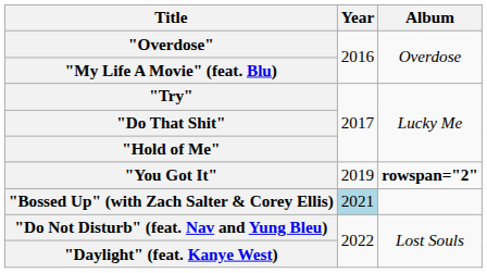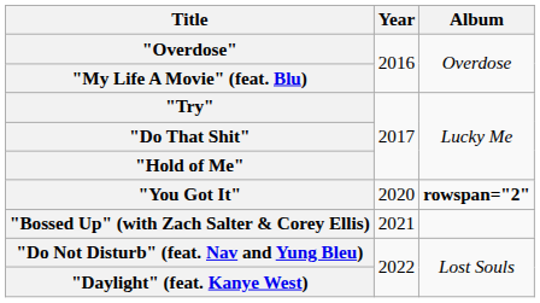 <table class="wikitable plainrowheaders" style="text-align:center;">
 <tr>
 <th scope="col">Title</th>
 <th scope="col">Year</th>
 <th scope="col">Album</th>
 </tr>
 <tr>
 <th scope="row">"Overdose"</th>
 <td rowspan="2">2016</td>
 <td rowspan="2"><em>Overdose</em></td>
 </tr>
 <tr>
 <th scope="row">"My Life A Movie" (feat. <a href='#'>Blu</a>)</th>
 </tr>
 <tr>
 <th scope="row">"Try"</th>
 <td rowspan="3">2017</td>
 <td rowspan="3"><em>Lucky Me</em></td>
 </tr>
 <tr>
 <th scope="row">"Do That Shit"</th>
 </tr>
 <tr>
 <th scope="row">"Hold of Me"</th>
 </tr>
 <tr>
 <th scope="row">"You Got It"</th>
-<td>2019</td>
+<td>2020</td>
 <td><strong>rowspan="2" </strong></td>
 </tr>
 <tr>
 <th scope="row">"Bossed Up" (with Zach Salter & Corey Ellis)</th>
-<td style="background: lightblue;">2021</td>
+<td>2021</td>
 </tr>
 <tr>
 <th scope="row">"Do Not Disturb" (feat. <a href='#'>Nav</a> and <a href='#'>Yung Bleu</a>)</th>
 <td rowspan="2">2022</td>
 <td rowspan="2"><em>Lost Souls</em></td>
 </tr>
 <tr>
 <th scope="row">"Daylight" (feat. <a href='#'>Kanye West</a>)</th>
 </tr>
 </table>
